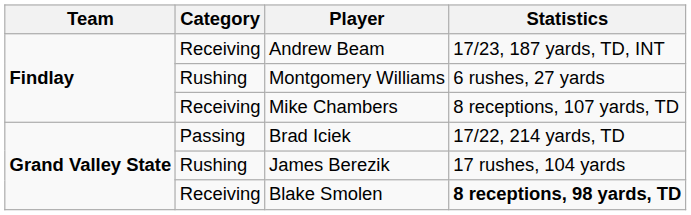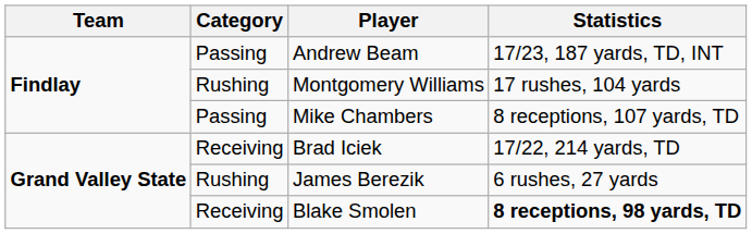 <table class="wikitable" style="float: right;">
 <tr>
 <th>Team</th>
 <th>Category</th>
 <th>Player</th>
 <th>Statistics</th>
 </tr>
 <tr>
 <td rowspan=3><strong>Findlay</strong></td>
-<td>Receiving</td>
+<td>Passing</td>
 <td>Andrew Beam</td>
 <td>17/23, 187 yards, TD, INT</td>
 </tr>
 <tr>
 <td>Rushing</td>
 <td>Montgomery Williams</td>
-<td>6 rushes, 27 yards</td>
+<td>17 rushes, 104 yards</td>
 </tr>
 <tr>
-<td>Receiving</td>
+<td>Passing</td>
 <td>Mike Chambers</td>
 <td>8 receptions, 107 yards, TD</td>
 </tr>
 <tr>
 <td rowspan=3><strong>Grand Valley State</strong></td>
-<td>Passing</td>
+<td>Receiving</td>
 <td>Brad Iciek</td>
 <td>17/22, 214 yards, TD</td>
 </tr>
 <tr>
 <td>Rushing</td>
 <td>James Berezik</td>
-<td>17 rushes, 104 yards</td>
+<td>6 rushes, 27 yards</td>
 </tr>
 <tr>
 <td>Receiving</td>
 <td>Blake Smolen</td>
 <td><strong>8 receptions, 98 yards, TD</strong></td>
 </tr>
 </table>
